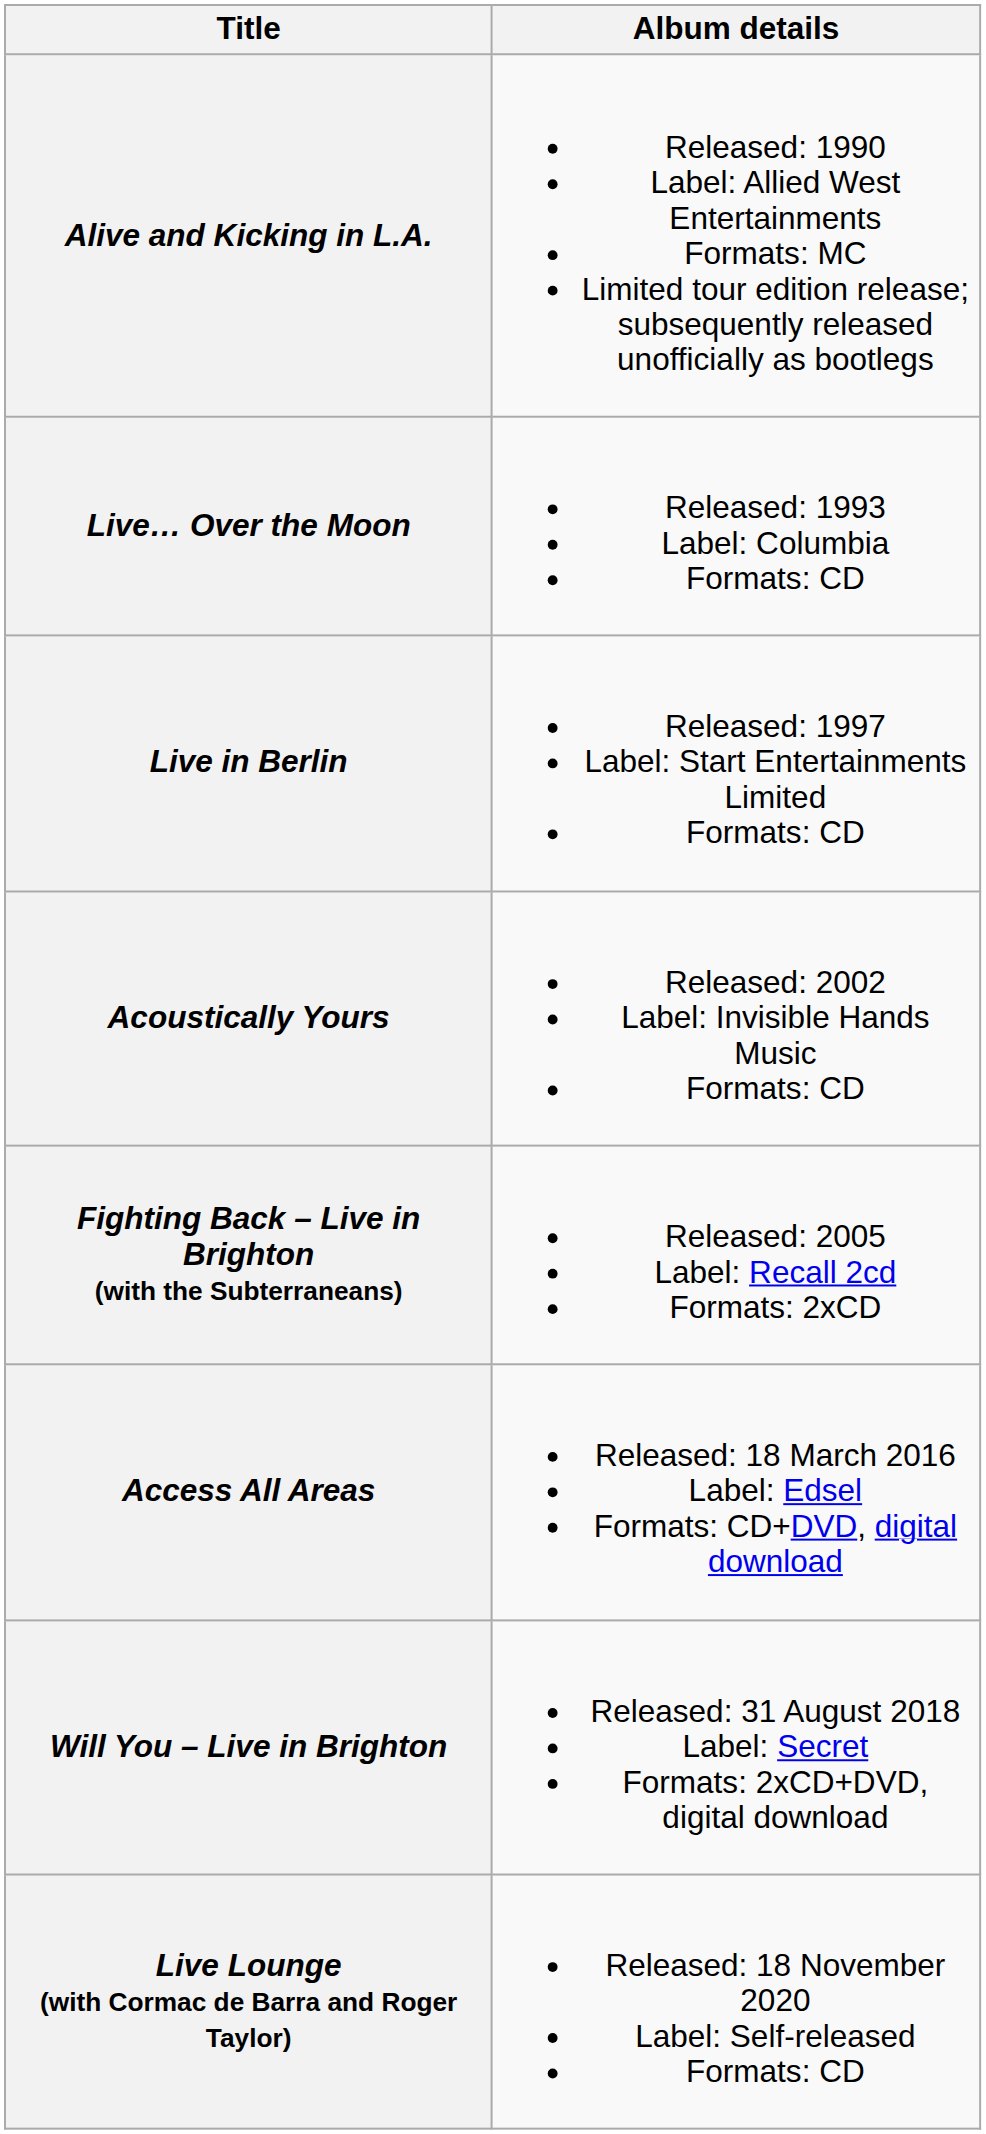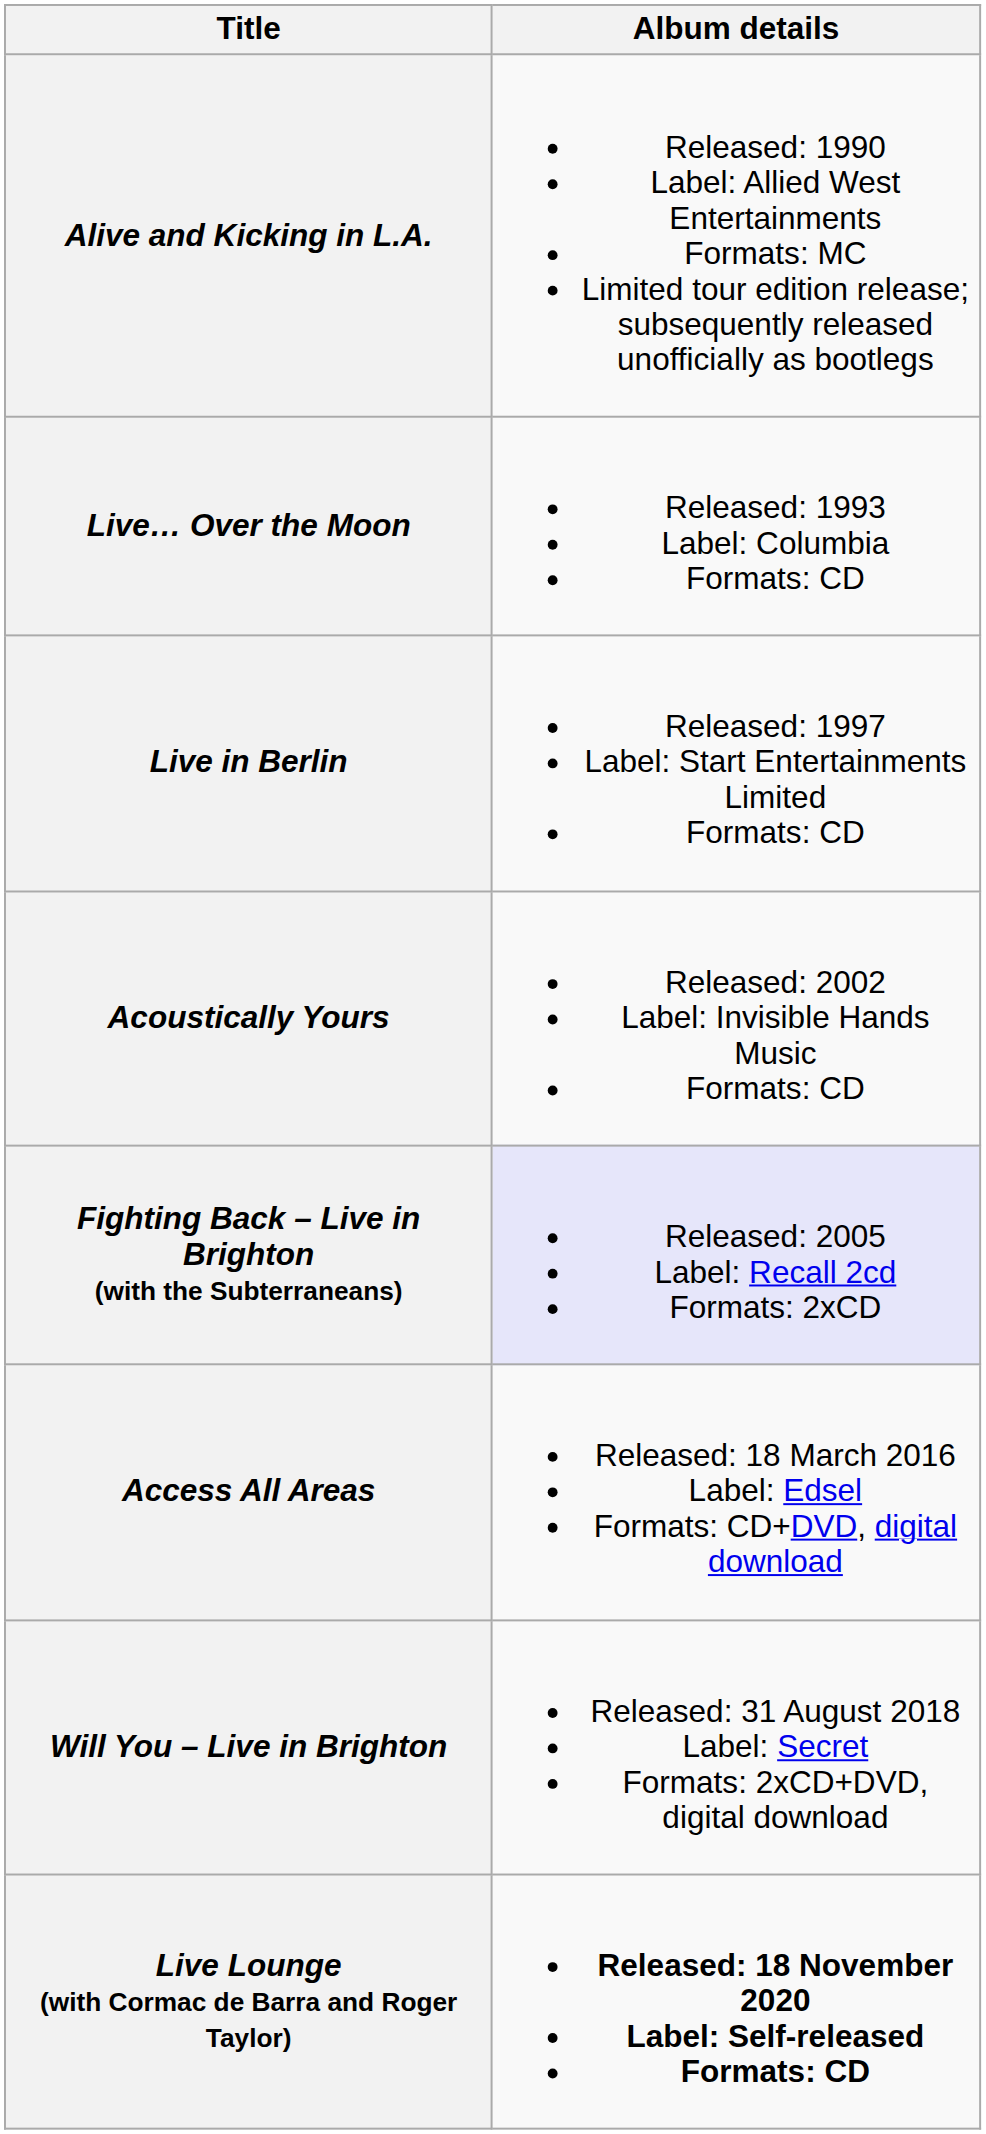 <table class="wikitable plainrowheaders" style="text-align:center;">
 <tr>
 <th scope="col" style="width:15em;">Title</th>
 <th scope="col" style="width:15em;">Album details</th>
 </tr>
 <tr>
 <th scope="row"><em>Alive and Kicking in L.A.</em></th>
 <td><br><ul><li>Released: 1990</li><li>Label: Allied West Entertainments</li><li>Formats: MC</li><li>Limited tour edition release; subsequently released unofficially as bootlegs</li></ul></td>
 </tr>
 <tr>
 <th scope="row"><em>Live… Over the Moon</em></th>
 <td><br><ul><li>Released: 1993</li><li>Label: Columbia</li><li>Formats: CD</li></ul></td>
 </tr>
 <tr>
 <th scope="row"><em>Live in Berlin</em></th>
 <td><br><ul><li>Released: 1997</li><li>Label: Start Entertainments Limited</li><li>Formats: CD</li></ul></td>
 </tr>
 <tr>
 <th scope="row"><em>Acoustically Yours</em></th>
 <td><br><ul><li>Released: 2002</li><li>Label: Invisible Hands Music</li><li>Formats: CD</li></ul></td>
 </tr>
 <tr>
 <th scope="row"><em>Fighting Back – Live in Brighton</em><br><small>(with the Subterraneans)</small></th>
-<td><br><ul><li>Released: 2005</li><li>Label: <a href='#'>Recall 2cd</a></li><li>Formats: 2xCD</li></ul></td>
+<td style="background: lavender;"><br><ul><li>Released: 2005</li><li>Label: <a href='#'>Recall 2cd</a></li><li>Formats: 2xCD</li></ul></td>
 </tr>
 <tr>
 <th scope="row"><em>Access All Areas</em></th>
 <td><br><ul><li>Released: 18 March 2016</li><li>Label: <a href='#'>Edsel</a></li><li>Formats: CD+<a href='#'>DVD</a>, <a href='#'>digital download</a></li></ul></td>
 </tr>
 <tr>
 <th scope="row"><em>Will You – Live in Brighton</em></th>
 <td><br><ul><li>Released: 31 August 2018</li><li>Label: <a href='#'>Secret</a></li><li>Formats: 2xCD+DVD, digital download</li></ul></td>
 </tr>
 <tr>
 <th scope="row"><em>Live Lounge</em><br><small>(with Cormac de Barra and Roger Taylor)</small></th>
-<td><br><ul><li>Released: 18 November 2020</li><li>Label: Self-released</li><li>Formats: CD</li></ul></td>
+<td><strong><br><ul><li>Released: 18 November 2020</li><li>Label: Self-released</li><li>Formats: CD</li></ul></strong></td>
 </tr>
 </table>
